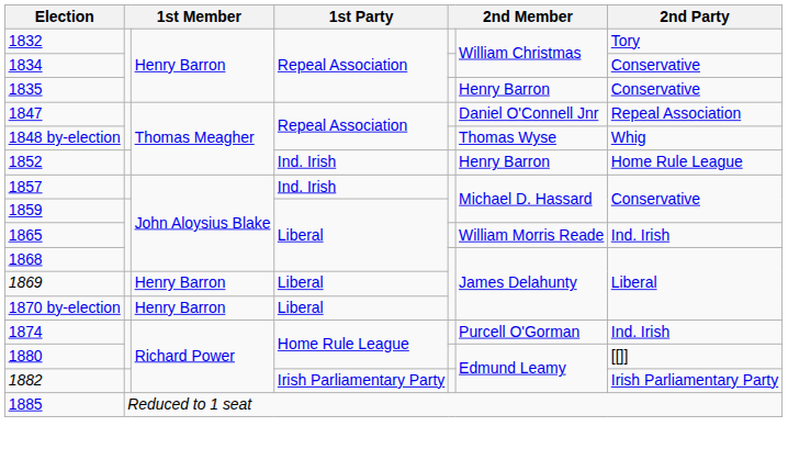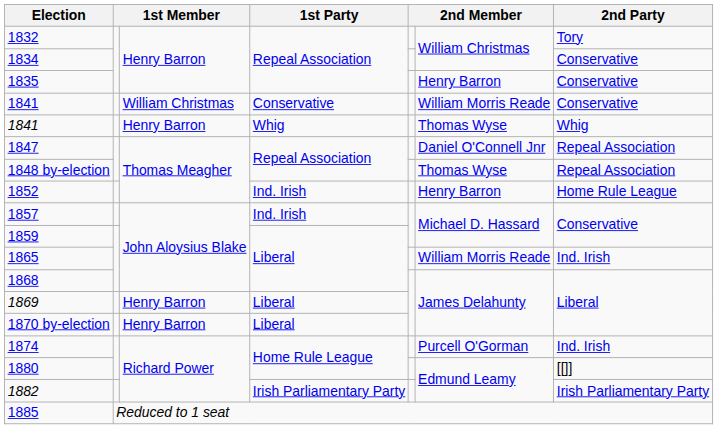 <table class="wikitable">
 <tr>
 <th>Election</th>
 <th colspan="2">1st Member</th>
 <th>1st Party</th>
 <th colspan="2">2nd Member</th>
 <th>2nd Party</th>
 </tr>
 <tr>
 <td><a href='#'>1832</a></td>
 <td rowspan="3" style="color:inherit;background-color: "></td>
 <td rowspan="3"><a href='#'>Henry Barron</a></td>
 <td rowspan="3"><a href='#'>Repeal Association</a></td>
 <td style="color:inherit;background-color: "></td>
 <td rowspan="2"><a href='#'>William Christmas</a></td>
 <td><a href='#'>Tory</a></td>
 </tr>
 <tr>
 <td><a href='#'>1834</a></td>
 <td style="color:inherit;background-color: "></td>
 <td><a href='#'>Conservative</a></td>
 </tr>
 <tr>
 <td><a href='#'>1835</a></td>
 <td style="color:inherit;background-color: "></td>
 <td><a href='#'>Henry Barron</a></td>
 <td><a href='#'>Conservative</a></td>
 </tr>
 <tr>
+<td><a href='#'>1841</a></td>
+<td style="color:inherit;background-color: "></td>
+<td><a href='#'>William Christmas</a></td>
+<td><a href='#'>Conservative</a></td>
+<td style="color:inherit;background-color: "></td>
+<td><a href='#'>William Morris Reade</a></td>
+<td><a href='#'>Conservative</a></td>
+</tr>
+<tr>
+<td><em>1841</em></td>
+<td style="color:inherit;background-color: "></td>
+<td><a href='#'>Henry Barron</a></td>
+<td><a href='#'>Whig</a></td>
+<td style="color:inherit;background-color: "></td>
+<td><a href='#'>Thomas Wyse</a></td>
+<td><a href='#'>Whig</a></td>
+</tr>
+<tr>
 <td><a href='#'>1847</a></td>
 <td rowspan="2" style="color:inherit;background-color: "></td>
 <td rowspan="3"><a href='#'>Thomas Meagher</a></td>
 <td rowspan="2"><a href='#'>Repeal Association</a></td>
 <td style="color:inherit;background-color: "></td>
 <td><a href='#'>Daniel O'Connell Jnr</a></td>
 <td><a href='#'>Repeal Association</a></td>
 </tr>
 <tr>
 <td><a href='#'>1848 by-election</a></td>
 <td style="color:inherit;background-color: "></td>
 <td><a href='#'>Thomas Wyse</a></td>
-<td><a href='#'>Whig</a></td>
+<td><a href='#'>Repeal Association</a></td>
 </tr>
 <tr>
 <td><a href='#'>1852</a></td>
 <td style="color:inherit;background-color: "></td>
 <td><a href='#'>Ind. Irish</a></td>
 <td style="color:inherit;background-color: "></td>
 <td><a href='#'>Henry Barron</a></td>
 <td rowspan="1"><a href='#'>Home Rule League</a></td>
 </tr>
 <tr>
 <td><a href='#'>1857</a></td>
 <td rowspan="1" style="color:inherit;background-color: "></td>
 <td rowspan="4"><a href='#'>John Aloysius Blake</a></td>
 <td rowspan="1"><a href='#'>Ind. Irish</a></td>
 <td rowspan="2" style="color:inherit;background-color: "></td>
 <td rowspan="2"><a href='#'>Michael D. Hassard</a></td>
 <td rowspan="2"><a href='#'>Conservative</a></td>
 </tr>
 <tr>
 <td><a href='#'>1859</a></td>
 <td rowspan="3" style="color:inherit;background-color: "></td>
 <td rowspan="3"><a href='#'>Liberal</a></td>
 </tr>
 <tr>
 <td><a href='#'>1865</a></td>
 <td style="color:inherit;background-color: "></td>
 <td><a href='#'>William Morris Reade</a></td>
 <td><a href='#'>Ind. Irish</a></td>
 </tr>
 <tr>
 <td><a href='#'>1868</a></td>
 <td rowspan="3" style="color:inherit;background-color: "></td>
 <td rowspan="3"><a href='#'>James Delahunty</a></td>
 <td rowspan="3"><a href='#'>Liberal</a></td>
 </tr>
 <tr>
 <td><em>1869</em></td>
 <td style="color:inherit;background-color: "></td>
 <td><a href='#'>Henry Barron</a></td>
 <td><a href='#'>Liberal</a></td>
 </tr>
 <tr>
 <td><a href='#'>1870 by-election</a></td>
 <td style="color:inherit;background-color: "></td>
 <td><a href='#'>Henry Barron</a></td>
 <td><a href='#'>Liberal</a></td>
 </tr>
 <tr>
 <td><a href='#'>1874</a></td>
 <td rowspan="2" style="color:inherit;background-color: "></td>
 <td rowspan="3"><a href='#'>Richard Power</a></td>
 <td rowspan="2"><a href='#'>Home Rule League</a></td>
 <td rowspan="1" style="color:inherit;background-color: "></td>
 <td rowspan="1"><a href='#'>Purcell O'Gorman</a></td>
 <td><a href='#'>Ind. Irish</a></td>
 </tr>
 <tr>
 <td><a href='#'>1880</a></td>
 <td rowspan="1" style="color:inherit;background-color: "></td>
 <td rowspan="2"><a href='#'>Edmund Leamy</a></td>
 <td rowspan="1">[[]]</td>
 </tr>
 <tr>
 <td><em>1882</em></td>
 <td style="color:inherit;background-color: "></td>
 <td><a href='#'>Irish Parliamentary Party</a></td>
 <td style="color:inherit;background-color: "></td>
 <td><a href='#'>Irish Parliamentary Party</a></td>
 </tr>
 <tr>
 <td><a href='#'>1885</a></td>
 <td colspan="6"><em>Reduced to 1 seat</em></td>
 </tr>
 </table>
